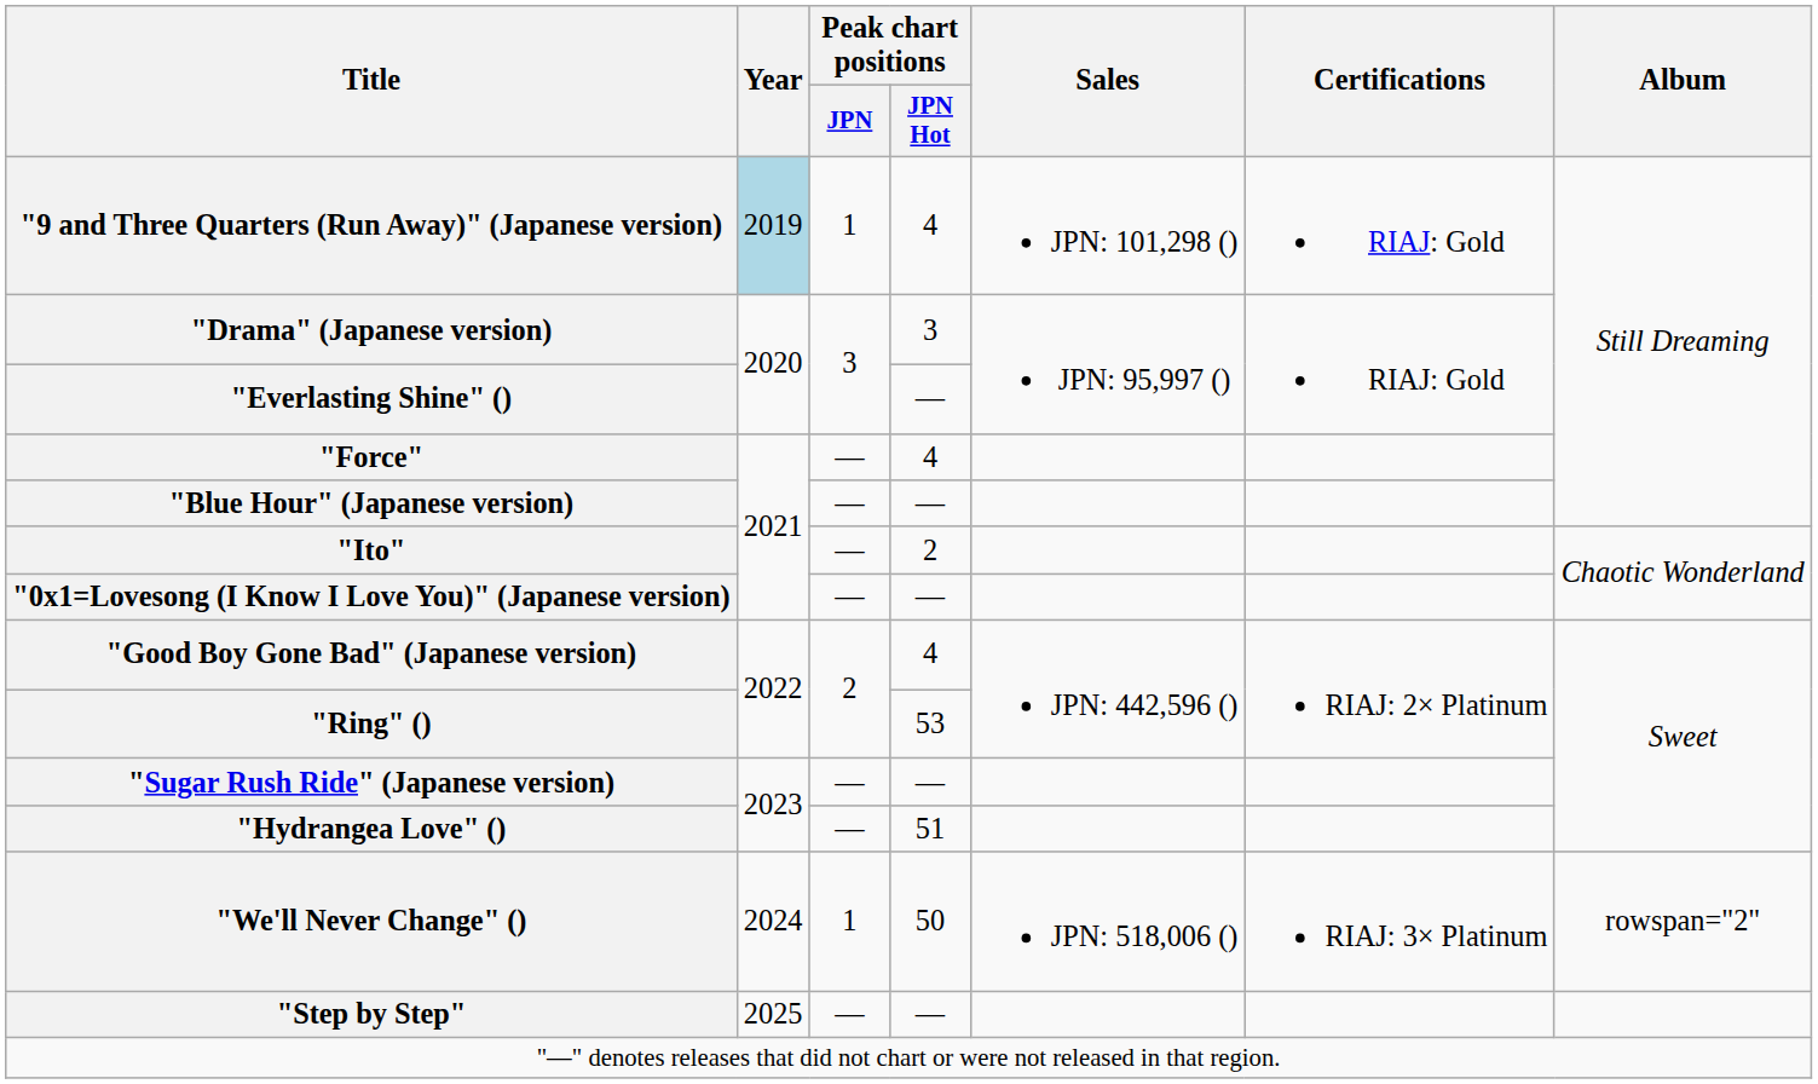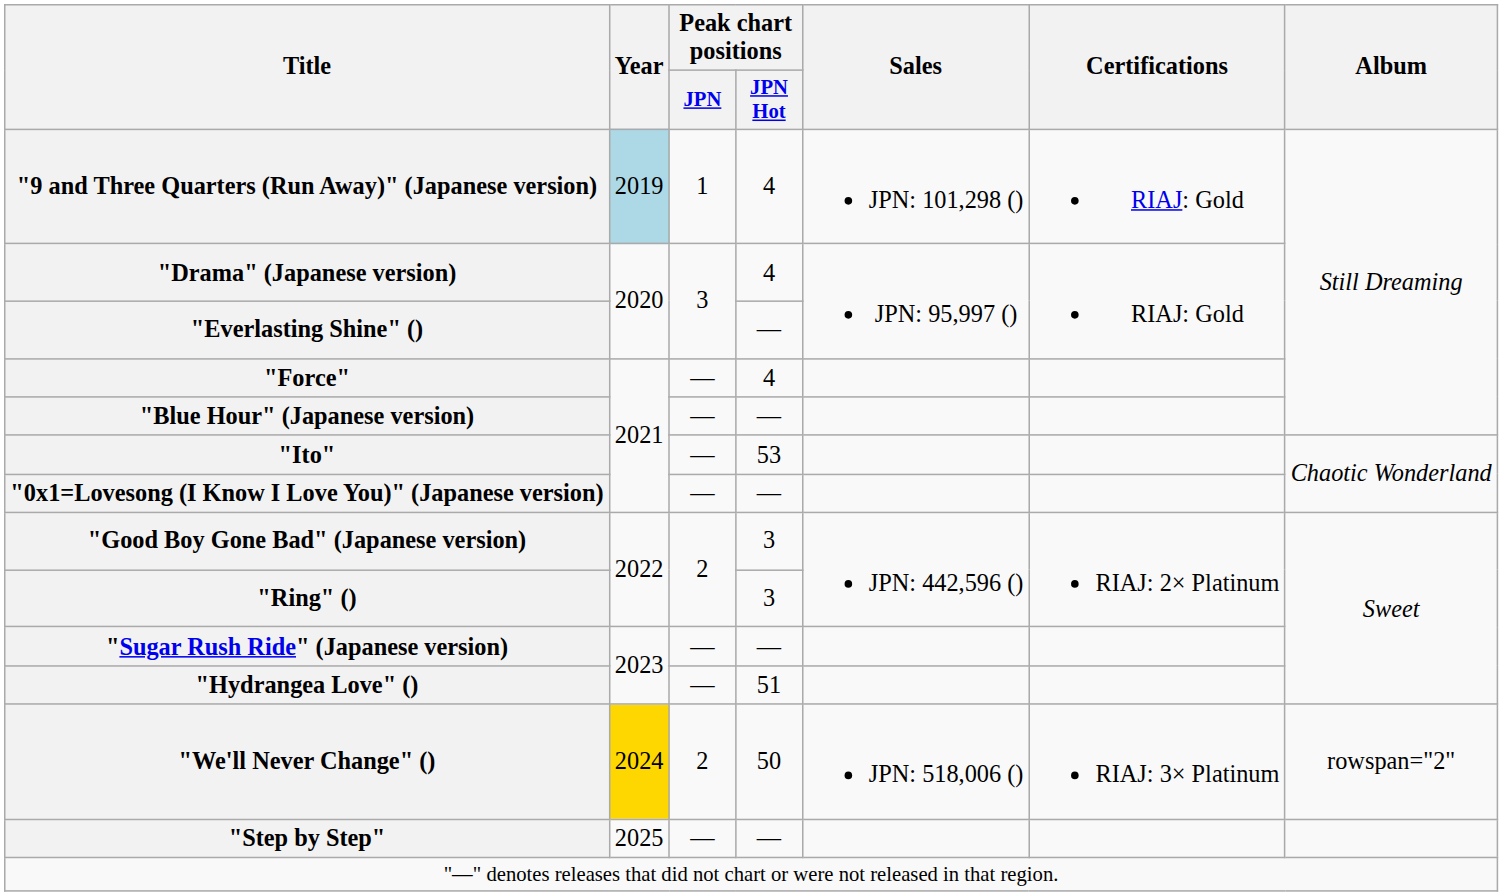 <table class="wikitable plainrowheaders" style="text-align:center">
 <tr>
 <th scope="col" rowspan="2">Title</th>
 <th scope="col" rowspan="2">Year</th>
 <th scope="col" colspan="2">Peak chart positions</th>
 <th scope="col" rowspan="2">Sales</th>
 <th scope="col" rowspan="2">Certifications</th>
 <th scope="col" rowspan="2">Album</th>
 </tr>
 <tr>
 <th scope="col" style="width:2.75em;font-size:85%"><a href='#'>JPN</a><br></th>
 <th scope="col" style="width:2.75em;font-size:85%"><a href='#'>JPN<br>Hot</a><br></th>
 </tr>
 <tr>
 <th scope="row">"9 and Three Quarters (Run Away)" (Japanese version)</th>
 <td style="background: lightblue;">2019</td>
 <td>1</td>
 <td>4</td>
 <td><br><ul><li>JPN: 101,298 ()</li></ul></td>
 <td><br><ul><li><a href='#'>RIAJ</a>: Gold</li></ul></td>
 <td rowspan="5"><em>Still Dreaming</em></td>
 </tr>
 <tr>
 <th scope="row">"Drama" (Japanese version)</th>
 <td rowspan="2">2020</td>
 <td rowspan="2">3</td>
-<td>3</td>
+<td>4</td>
 <td rowspan="2"><br><ul><li>JPN: 95,997 ()</li></ul></td>
 <td rowspan="2"><br><ul><li>RIAJ: Gold</li></ul></td>
 </tr>
 <tr>
 <th scope="row">"Everlasting Shine" ()</th>
 <td>—</td>
 </tr>
 <tr>
 <th scope="row">"Force"</th>
 <td rowspan="4">2021</td>
 <td>—</td>
 <td>4</td>
 <td></td>
 <td></td>
 </tr>
 <tr>
 <th scope="row">"Blue Hour" (Japanese version)</th>
 <td>—</td>
 <td>—</td>
 <td></td>
 <td></td>
 </tr>
 <tr>
 <th scope="row">"Ito"</th>
 <td>—</td>
-<td>2</td>
+<td>53</td>
 <td></td>
 <td></td>
 <td rowspan="2"><em>Chaotic Wonderland</em></td>
 </tr>
 <tr>
 <th scope="row">"0x1=Lovesong (I Know I Love You)" (Japanese version)</th>
 <td>—</td>
 <td>—</td>
 <td></td>
 <td></td>
 </tr>
 <tr>
 <th scope="row">"Good Boy Gone Bad" (Japanese version)</th>
 <td rowspan="2">2022</td>
 <td rowspan="2">2</td>
-<td>4</td>
+<td>3</td>
 <td rowspan="2"><br><ul><li>JPN: 442,596 ()</li></ul></td>
 <td rowspan="2"><br><ul><li>RIAJ: 2× Platinum</li></ul></td>
 <td rowspan="4"><em>Sweet</em></td>
 </tr>
 <tr>
 <th scope="row">"Ring" ()</th>
-<td>53</td>
+<td>3</td>
 </tr>
 <tr>
 <th scope="row">"<a href='#'>Sugar Rush Ride</a>" (Japanese version)</th>
 <td rowspan="2">2023</td>
 <td>—</td>
 <td>—</td>
 <td></td>
 <td></td>
 </tr>
 <tr>
 <th scope="row">"Hydrangea Love" ()</th>
 <td>—</td>
 <td>51</td>
 <td></td>
 <td></td>
 </tr>
 <tr>
 <th scope="row">"We'll Never Change" ()</th>
-<td>2024</td>
-<td>1</td>
+<td style="background: gold;">2024</td>
+<td>2</td>
 <td>50</td>
 <td><br><ul><li>JPN: 518,006 ()</li></ul></td>
 <td><br><ul><li>RIAJ: 3× Platinum</li></ul></td>
 <td>rowspan="2" </td>
 </tr>
 <tr>
 <th scope="row">"Step by Step"</th>
 <td>2025</td>
 <td>—</td>
 <td>—</td>
 <td></td>
 <td></td>
 </tr>
 <tr>
 <td colspan="7" style="font-size:85%">"—" denotes releases that did not chart or were not released in that region.</td>
 </tr>
 </table>
